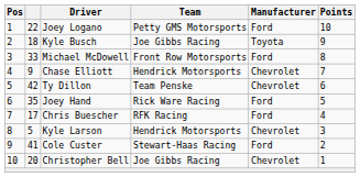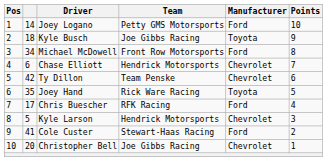 <table class="wikitable" style="font-size:98%">
 <tr>
 <th>Pos</th>
 <th></th>
 <th>Driver</th>
 <th>Team</th>
 <th>Manufacturer</th>
 <th>Points</th>
 </tr>
 <tr>
 <td>1</td>
-<td>22</td>
+<td>14</td>
 <td>Joey Logano</td>
 <td>Petty GMS Motorsports</td>
 <td>Ford</td>
 <td>10</td>
 </tr>
 <tr>
 <td>2</td>
 <td>18</td>
 <td>Kyle Busch</td>
 <td>Joe Gibbs Racing</td>
 <td>Toyota</td>
 <td>9</td>
 </tr>
 <tr>
 <td>3</td>
-<td>33</td>
+<td>34</td>
 <td>Michael McDowell</td>
 <td>Front Row Motorsports</td>
 <td>Ford</td>
 <td>8</td>
 </tr>
 <tr>
 <td>4</td>
-<td>9</td>
+<td>6</td>
 <td>Chase Elliott</td>
 <td>Hendrick Motorsports</td>
 <td>Chevrolet</td>
 <td>7</td>
 </tr>
 <tr>
 <td>5</td>
 <td>42</td>
 <td>Ty Dillon</td>
 <td>Team Penske</td>
 <td>Chevrolet</td>
 <td>6</td>
 </tr>
 <tr>
 <td>6</td>
 <td>35</td>
 <td>Joey Hand</td>
 <td>Rick Ware Racing</td>
-<td>Ford</td>
+<td>Toyota</td>
 <td>5</td>
 </tr>
 <tr>
 <td>7</td>
 <td>17</td>
 <td>Chris Buescher</td>
 <td>RFK Racing</td>
 <td>Ford</td>
 <td>4</td>
 </tr>
 <tr>
 <td>8</td>
 <td>5</td>
 <td>Kyle Larson</td>
 <td>Hendrick Motorsports</td>
 <td>Chevrolet</td>
 <td>3</td>
 </tr>
 <tr>
 <td>9</td>
 <td>41</td>
 <td>Cole Custer</td>
 <td>Stewart-Haas Racing</td>
 <td>Ford</td>
 <td>2</td>
 </tr>
 <tr>
 <td>10</td>
 <td>20</td>
 <td>Christopher Bell</td>
 <td>Joe Gibbs Racing</td>
 <td>Chevrolet</td>
 <td>1</td>
 </tr>
 <tr>
 <th colspan="6"></th>
 </tr>
 </table>
